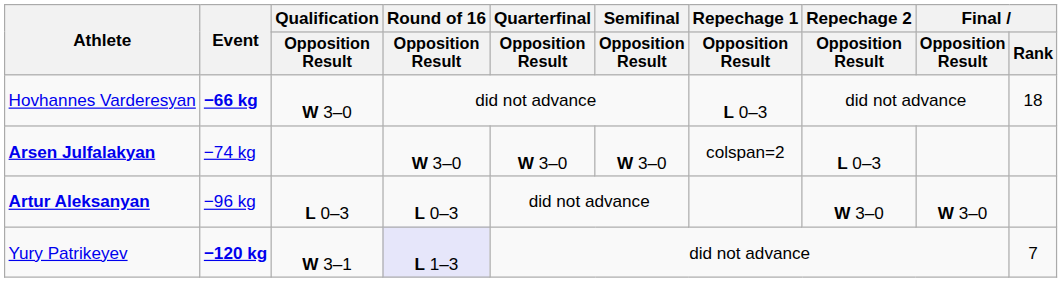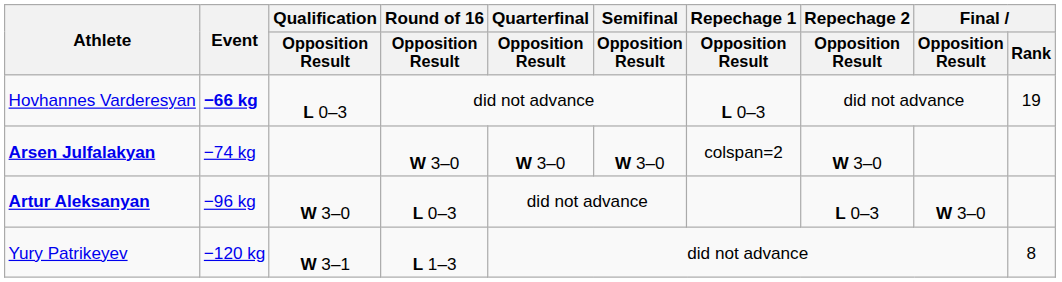 <table class="wikitable" style="font-size:90%">
 <tr>
 <th rowspan=2>Athlete</th>
 <th rowspan=2>Event</th>
 <th>Qualification</th>
 <th>Round of 16</th>
 <th>Quarterfinal</th>
 <th>Semifinal</th>
 <th>Repechage 1</th>
 <th>Repechage 2</th>
 <th colspan=2>Final / </th>
 </tr>
 <tr style="font-size: 95%">
 <th>Opposition<br>Result</th>
 <th>Opposition<br>Result</th>
 <th>Opposition<br>Result</th>
 <th>Opposition<br>Result</th>
 <th>Opposition<br>Result</th>
 <th>Opposition<br>Result</th>
 <th>Opposition<br>Result</th>
 <th>Rank</th>
 </tr>
 <tr align=center>
 <td align=left><a href='#'>Hovhannes Varderesyan</a></td>
 <td align=left><strong><a href='#'>−66 kg</a></strong></td>
-<td><br><strong>W</strong> 3–0 <sup></sup></td>
+<td><br><strong>L</strong> 0–3 <sup></sup></td>
 <td colspan=3>did not advance</td>
 <td><br><strong>L</strong> 0–3 <sup></sup></td>
 <td colspan=2>did not advance</td>
-<td>18</td>
+<td>19</td>
 </tr>
 <tr align=center>
 <td align=left><strong><a href='#'>Arsen Julfalakyan</a></strong></td>
 <td align=left><a href='#'>−74 kg</a></td>
 <td></td>
 <td><br><strong>W</strong> 3–0 <sup></sup></td>
 <td><br><strong>W</strong> 3–0 <sup></sup></td>
 <td><br><strong>W</strong> 3–0 <sup></sup></td>
 <td>colspan=2 </td>
-<td><br><strong>L</strong> 0–3 <sup></sup></td>
+<td><br><strong>W</strong> 3–0 <sup></sup></td>
 <td></td>
 </tr>
 <tr align=center>
 <td align=left><strong><a href='#'>Artur Aleksanyan</a></strong></td>
 <td align=left><a href='#'>−96 kg</a></td>
-<td><br><strong>L</strong> 0–3 <sup></sup></td>
+<td><br><strong>W</strong> 3–0 <sup></sup></td>
 <td><br><strong>L</strong> 0–3 <sup></sup></td>
 <td colspan=2>did not advance</td>
 <td></td>
-<td><br><strong>W</strong> 3–0 <sup></sup></td>
+<td><br><strong>L</strong> 0–3 <sup></sup></td>
 <td><br><strong>W</strong> 3–0 <sup></sup></td>
 <td></td>
 </tr>
 <tr align=center>
 <td align=left><a href='#'>Yury Patrikeyev</a></td>
-<td align=left><strong><a href='#'>−120 kg</a></strong></td>
+<td align=left><a href='#'>−120 kg</a></td>
 <td><br><strong>W</strong> 3–1 <sup></sup></td>
-<td style="background: lavender;"><br><strong>L</strong> 1–3 <sup></sup></td>
+<td><br><strong>L</strong> 1–3 <sup></sup></td>
 <td colspan=5>did not advance</td>
-<td>7</td>
+<td>8</td>
 </tr>
 </table>
